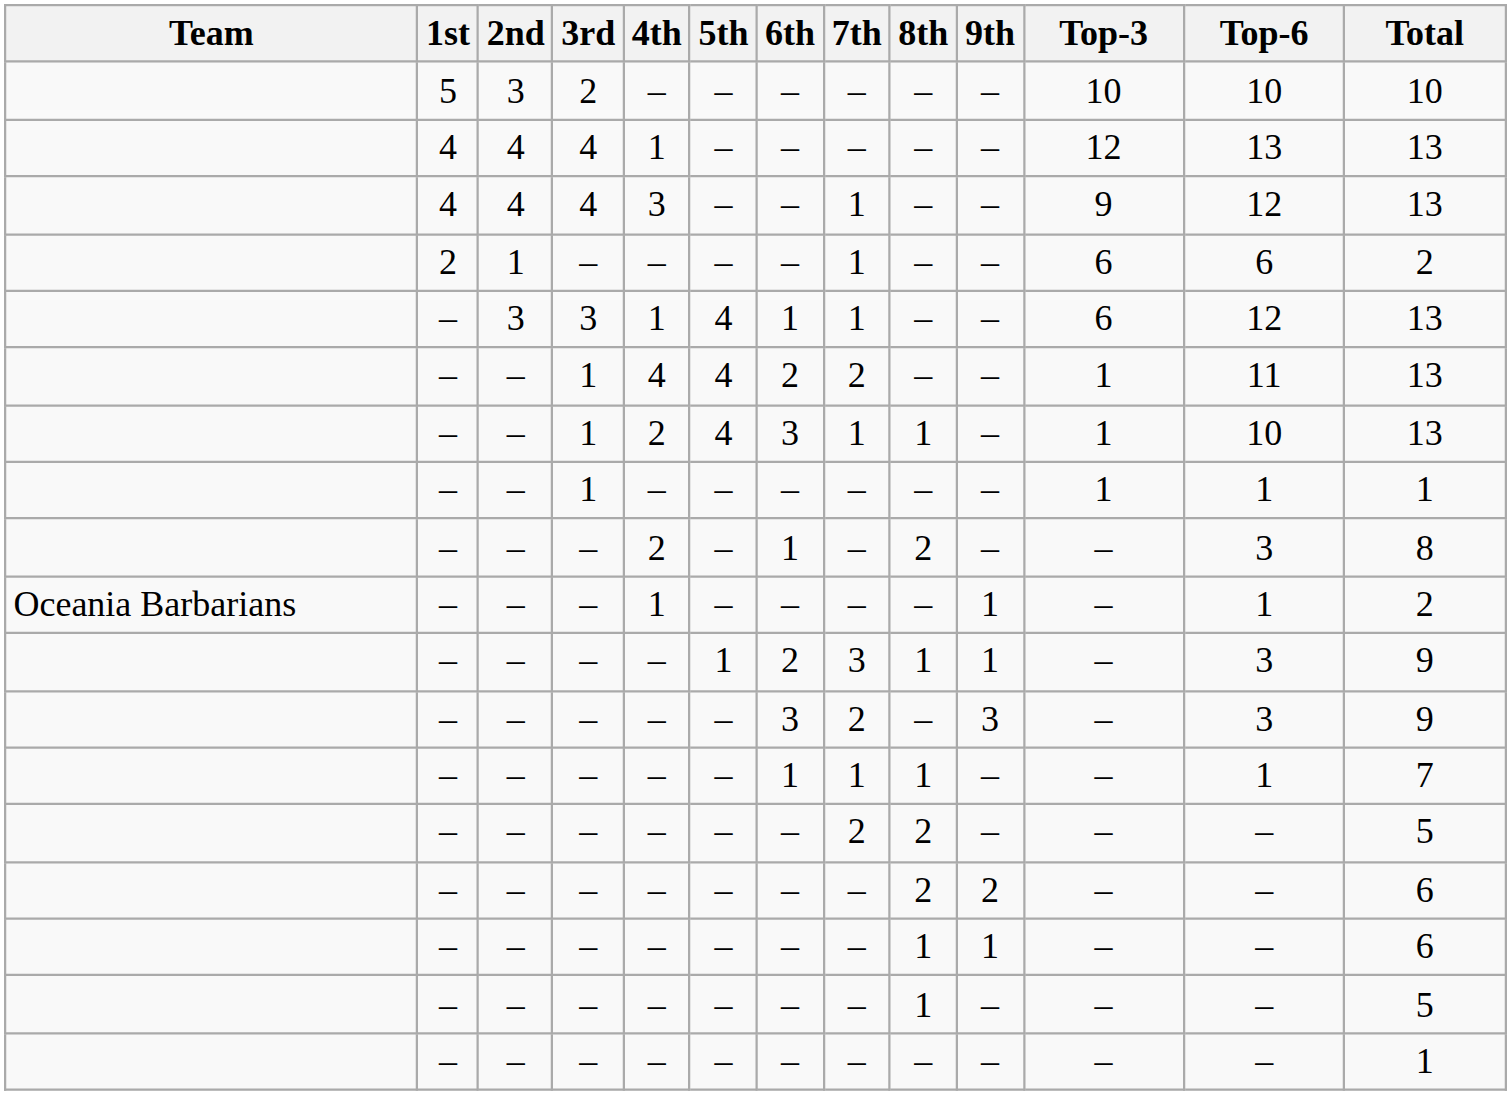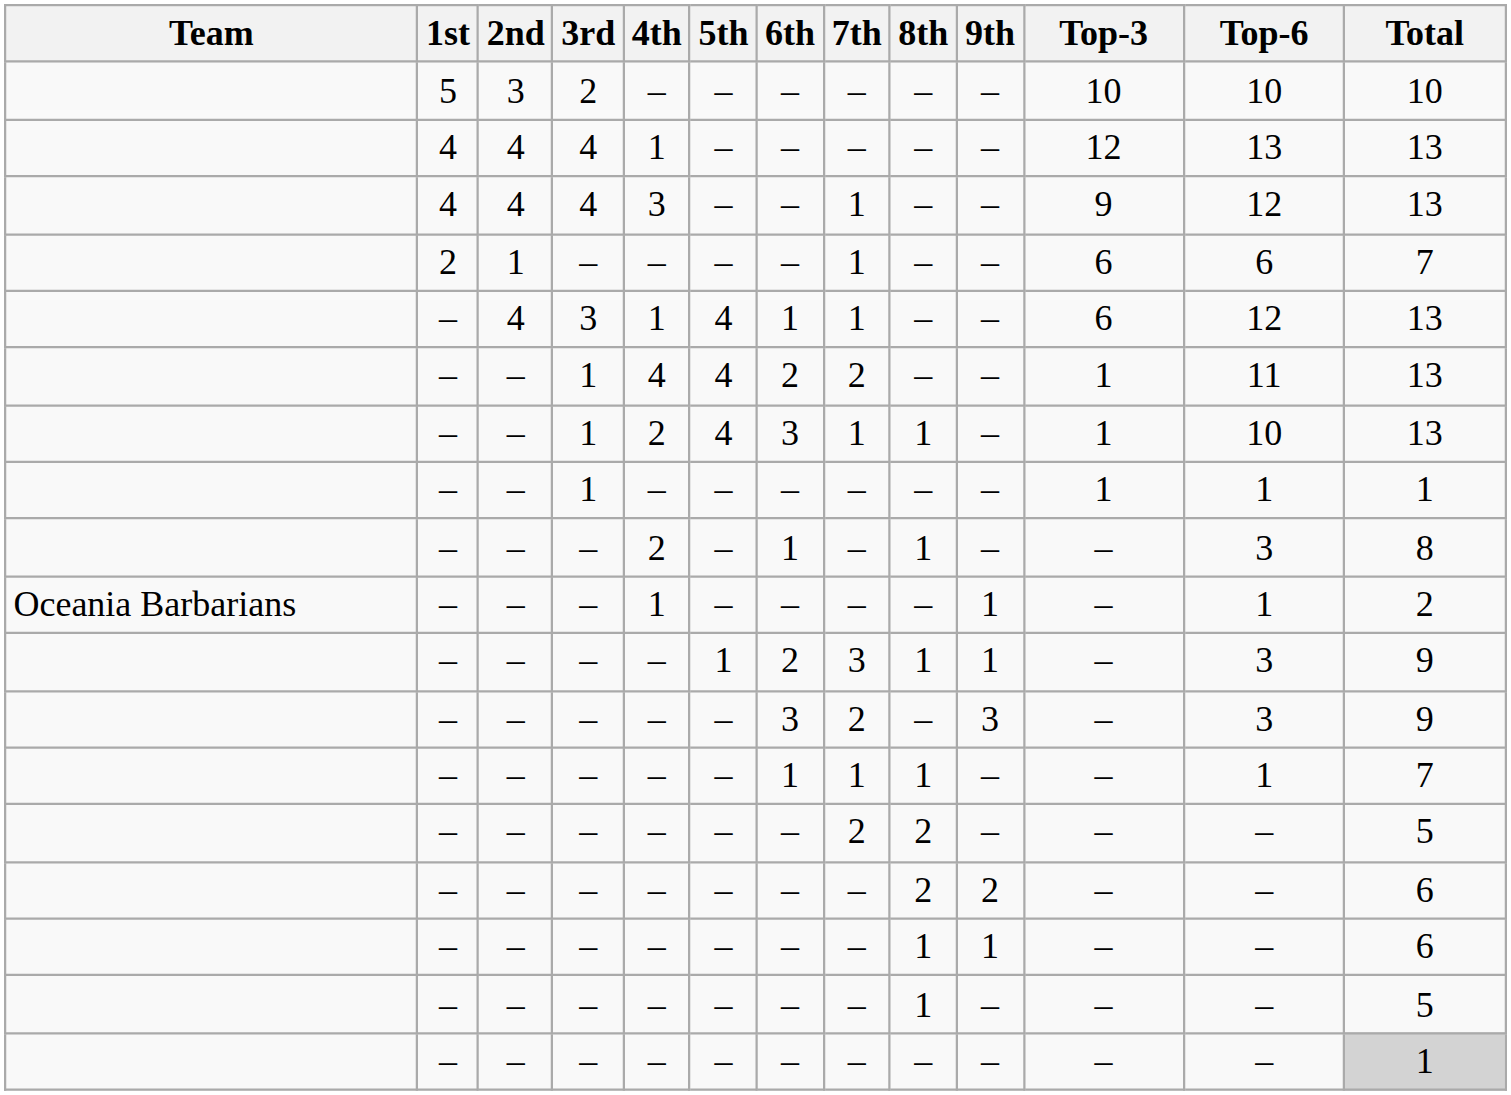 <table class="wikitable sortable" style="text-align:center;">
 <tr>
 <th style="width:11.0em;">Team</th>
 <th style="width:1.0em;">1st</th>
 <th style="width:1.0em;">2nd</th>
 <th style="width:1.0em;">3rd</th>
 <th style="width:1.0em;">4th</th>
 <th style="width:1.0em;">5th</th>
 <th style="width:1.0em;">6th</th>
 <th style="width:1.0em;">7th</th>
 <th style="width:1.0em;">8th</th>
 <th style="width:1.0em;">9th</th>
 <th style="width:4.0em;">Top-3 </th>
 <th style="width:4.0em;">Top-6 </th>
 <th style="width:4.0em;">Total </th>
 </tr>
 <tr>
 <td align=left></td>
 <td>5</td>
 <td>3</td>
 <td>2</td>
 <td>–</td>
 <td>–</td>
 <td>–</td>
 <td>–</td>
 <td>–</td>
 <td>–</td>
 <td> 10</td>
 <td>10</td>
 <td>10</td>
 </tr>
 <tr>
 <td align=left></td>
 <td>4</td>
 <td>4</td>
 <td>4</td>
 <td>1</td>
 <td>–</td>
 <td>–</td>
 <td>–</td>
 <td>–</td>
 <td>–</td>
 <td>12</td>
 <td>13</td>
 <td>13</td>
 </tr>
 <tr>
 <td align=left></td>
 <td>4</td>
 <td>4</td>
 <td>4</td>
 <td>3</td>
 <td>–</td>
 <td>–</td>
 <td>1</td>
 <td>–</td>
 <td>–</td>
 <td> 9</td>
 <td>12</td>
 <td>13</td>
 </tr>
 <tr>
 <td align=left></td>
 <td>2</td>
 <td>1</td>
 <td>–</td>
 <td>–</td>
 <td>–</td>
 <td>–</td>
 <td>1</td>
 <td>–</td>
 <td>–</td>
 <td> 6</td>
 <td>6</td>
-<td>2</td>
+<td>7</td>
 </tr>
 <tr>
 <td align=left></td>
 <td>–</td>
-<td>3</td>
+<td>4</td>
 <td>3</td>
 <td>1</td>
 <td>4</td>
 <td>1</td>
 <td>1</td>
 <td>–</td>
 <td>–</td>
 <td> 6</td>
 <td>12</td>
 <td>13</td>
 </tr>
 <tr>
 <td align=left></td>
 <td>–</td>
 <td>–</td>
 <td>1</td>
 <td>4</td>
 <td>4</td>
 <td>2</td>
 <td>2</td>
 <td>–</td>
 <td>–</td>
 <td> 1</td>
 <td>11</td>
 <td>13</td>
 </tr>
 <tr>
 <td align=left></td>
 <td>–</td>
 <td>–</td>
 <td>1</td>
 <td>2</td>
 <td>4</td>
 <td>3</td>
 <td>1</td>
 <td>1</td>
 <td>–</td>
 <td> 1</td>
 <td>10</td>
 <td>13</td>
 </tr>
 <tr>
 <td align=left></td>
 <td>–</td>
 <td>–</td>
 <td>1</td>
 <td>–</td>
 <td>–</td>
 <td>–</td>
 <td>–</td>
 <td>–</td>
 <td>–</td>
 <td> 1</td>
 <td>1</td>
 <td>1</td>
 </tr>
 <tr>
 <td align=left></td>
 <td>–</td>
 <td>–</td>
 <td>–</td>
 <td>2</td>
 <td>–</td>
 <td>1</td>
 <td>–</td>
-<td>2</td>
+<td>1</td>
 <td>–</td>
 <td> –</td>
 <td>3</td>
 <td>8</td>
 </tr>
 <tr>
 <td align=left>Oceania Barbarians</td>
 <td>–</td>
 <td>–</td>
 <td>–</td>
 <td>1</td>
 <td>–</td>
 <td>–</td>
 <td>–</td>
 <td>–</td>
 <td>1</td>
 <td> –</td>
 <td>1</td>
 <td>2</td>
 </tr>
 <tr>
 <td align=left></td>
 <td>–</td>
 <td>–</td>
 <td>–</td>
 <td>–</td>
 <td>1</td>
 <td>2</td>
 <td>3</td>
 <td>1</td>
 <td>1</td>
 <td> –</td>
 <td>3</td>
 <td>9</td>
 </tr>
 <tr>
 <td align=left></td>
 <td>–</td>
 <td>–</td>
 <td>–</td>
 <td>–</td>
 <td>–</td>
 <td>3</td>
 <td>2</td>
 <td>–</td>
 <td>3</td>
 <td> –</td>
 <td>3</td>
 <td>9</td>
 </tr>
 <tr>
 <td align=left></td>
 <td>–</td>
 <td>–</td>
 <td>–</td>
 <td>–</td>
 <td>–</td>
 <td>1</td>
 <td>1</td>
 <td>1</td>
 <td>–</td>
 <td> –</td>
 <td>1</td>
 <td>7</td>
 </tr>
 <tr>
 <td align=left></td>
 <td>–</td>
 <td>–</td>
 <td>–</td>
 <td>–</td>
 <td>–</td>
 <td>–</td>
 <td>2</td>
 <td>2</td>
 <td>–</td>
 <td> –</td>
 <td>–</td>
 <td>5</td>
 </tr>
 <tr>
 <td align=left></td>
 <td>–</td>
 <td>–</td>
 <td>–</td>
 <td>–</td>
 <td>–</td>
 <td>–</td>
 <td>–</td>
 <td>2</td>
 <td>2</td>
 <td> –</td>
 <td>–</td>
 <td>6</td>
 </tr>
 <tr>
 <td align=left></td>
 <td>–</td>
 <td>–</td>
 <td>–</td>
 <td>–</td>
 <td>–</td>
 <td>–</td>
 <td>–</td>
 <td>1</td>
 <td>1</td>
 <td> –</td>
 <td>–</td>
 <td>6</td>
 </tr>
 <tr>
 <td align=left></td>
 <td>–</td>
 <td>–</td>
 <td>–</td>
 <td>–</td>
 <td>–</td>
 <td>–</td>
 <td>–</td>
 <td>1</td>
 <td>–</td>
 <td> –</td>
 <td>–</td>
 <td>5</td>
 </tr>
 <tr>
 <td align=left></td>
 <td>–</td>
 <td>–</td>
 <td>–</td>
 <td>–</td>
 <td>–</td>
 <td>–</td>
 <td>–</td>
 <td>–</td>
 <td>–</td>
 <td> –</td>
 <td>–</td>
-<td>1</td>
+<td style="background: lightgrey;">1</td>
 </tr>
 </table>
